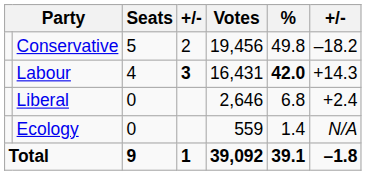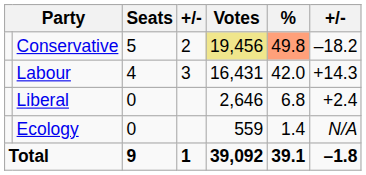 <table class="wikitable sortable">
 <tr>
 <th colspan="2">Party</th>
 <th>Seats</th>
 <th>+/-</th>
 <th>Votes</th>
 <th>%</th>
 <th>+/-</th>
 </tr>
 <tr>
 <td style="background-color: "></td>
 <td><a href='#'>Conservative</a></td>
 <td>5</td>
 <td> 2</td>
-<td style="text-align:right;">19,456</td>
-<td style="text-align:right;">49.8</td>
+<td style="background: khaki; text-align:right;">19,456</td>
+<td style="background: lightsalmon; text-align:right;">49.8</td>
 <td style="text-align:right;">–18.2</td>
 </tr>
 <tr>
 <td style="background-color: "></td>
 <td><a href='#'>Labour</a></td>
 <td>4</td>
-<td><strong> 3</strong></td>
+<td> 3</td>
 <td style="text-align:right;">16,431</td>
-<td style="text-align:right;"><strong>42.0</strong></td>
+<td style="text-align:right;">42.0</td>
 <td style="text-align:right;">+14.3</td>
 </tr>
 <tr>
 <td style="background-color: "></td>
 <td><a href='#'>Liberal</a></td>
 <td>0</td>
 <td></td>
 <td style="text-align:right;">2,646</td>
 <td style="text-align:right;">6.8</td>
 <td style="text-align:right;">+2.4</td>
 </tr>
 <tr>
 <td style="background-color: "></td>
 <td><a href='#'>Ecology</a></td>
 <td>0</td>
 <td></td>
 <td style="text-align:right;">559</td>
 <td style="text-align:right;">1.4</td>
 <td style="text-align:right;"><em>N/A</em></td>
 </tr>
 <tr>
 <td colspan="2"><strong>Total</strong></td>
 <td><strong>9</strong></td>
 <td> <strong>1</strong></td>
 <td style="text-align:right;"><strong>39,092</strong></td>
 <td style="text-align:right;"><strong>39.1</strong></td>
 <td style="text-align:right;"><strong>–1.8</strong></td>
 </tr>
 </table>
